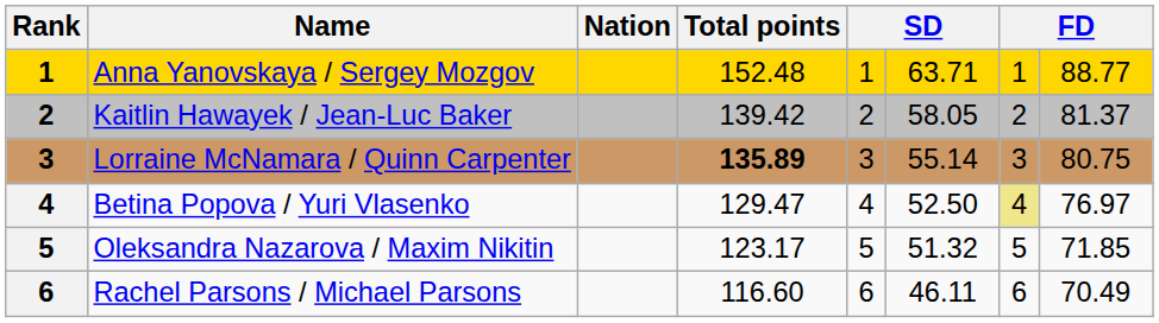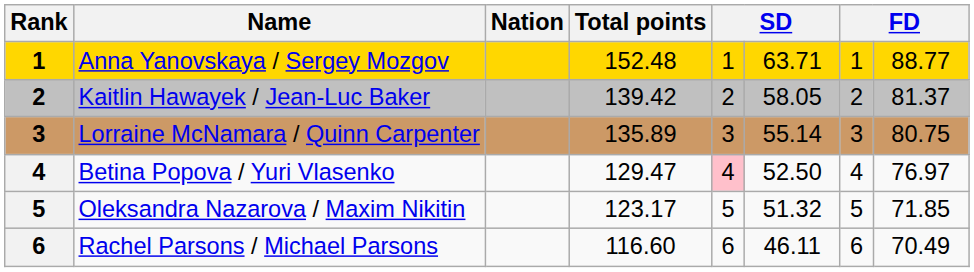 <table class="wikitable sortable">
 <tr>
 <th>Rank</th>
 <th>Name</th>
 <th>Nation</th>
 <th>Total points</th>
 <th colspan="2" width="80px"><a href='#'>SD</a></th>
 <th colspan="2" width="80px"><a href='#'>FD</a></th>
 </tr>
 <tr bgcolor="gold">
 <td align="center"><strong>1</strong></td>
 <td><a href='#'>Anna Yanovskaya</a> / <a href='#'>Sergey Mozgov</a></td>
 <td></td>
 <td align="center">152.48</td>
 <td align="center">1</td>
 <td align="center">63.71</td>
 <td align="center">1</td>
 <td align="center">88.77</td>
 </tr>
 <tr bgcolor="silver">
 <td align="center"><strong>2</strong></td>
 <td><a href='#'>Kaitlin Hawayek</a> / <a href='#'>Jean-Luc Baker</a></td>
 <td></td>
 <td align="center">139.42</td>
 <td align="center">2</td>
 <td align="center">58.05</td>
 <td align="center">2</td>
 <td align="center">81.37</td>
 </tr>
 <tr bgcolor="cc9966">
 <td align="center"><strong>3</strong></td>
 <td><a href='#'>Lorraine McNamara</a> / <a href='#'>Quinn Carpenter</a></td>
 <td></td>
-<td align="center"><strong>135.89</strong></td>
+<td align="center">135.89</td>
 <td align="center">3</td>
 <td align="center">55.14</td>
 <td align="center">3</td>
 <td align="center">80.75</td>
 </tr>
 <tr>
 <th>4</th>
 <td><a href='#'>Betina Popova</a> / <a href='#'>Yuri Vlasenko</a></td>
 <td></td>
 <td align="center">129.47</td>
+<td align="center" style="background: pink;">4</td>
+<td align="center">52.50</td>
 <td align="center">4</td>
-<td align="center">52.50</td>
-<td align="center" style="background: khaki;">4</td>
 <td align="center">76.97</td>
 </tr>
 <tr>
 <th>5</th>
 <td><a href='#'>Oleksandra Nazarova</a> / <a href='#'>Maxim Nikitin</a></td>
 <td></td>
 <td align="center">123.17</td>
 <td align="center">5</td>
 <td align="center">51.32</td>
 <td align="center">5</td>
 <td align="center">71.85</td>
 </tr>
 <tr>
 <th>6</th>
 <td><a href='#'>Rachel Parsons</a> / <a href='#'>Michael Parsons</a></td>
 <td></td>
 <td align="center">116.60</td>
 <td align="center">6</td>
 <td align="center">46.11</td>
 <td align="center">6</td>
 <td align="center">70.49</td>
 </tr>
 </table>
